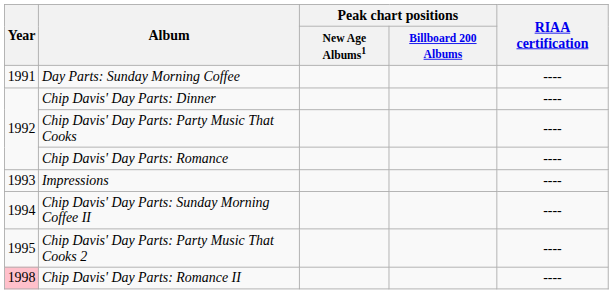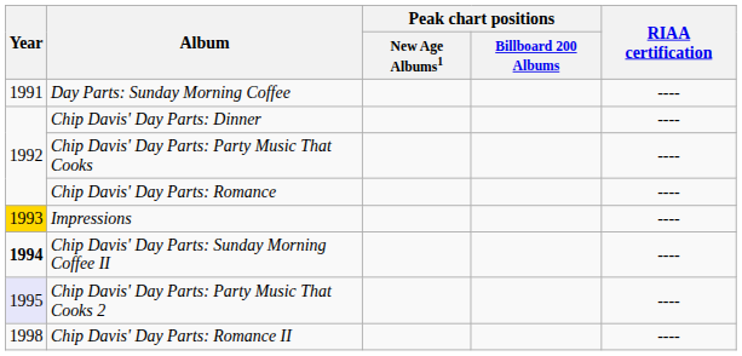 <table class="wikitable"  style="width:55%; text-align:center;">
 <tr>
 <th rowspan="2">Year</th>
 <th rowspan="2">Album</th>
 <th colspan="2">Peak chart positions</th>
 <th rowspan="2"><strong><a href='#'>RIAA certification</a></strong></th>
 </tr>
 <tr>
 <th><small>New Age Albums<sup>1</sup></small></th>
 <th><small><a href='#'>Billboard 200 Albums</a></small></th>
 </tr>
 <tr style="text-align:center;">
 <td>1991</td>
 <td align="left"><em>Day Parts: Sunday Morning Coffee</em></td>
 <td></td>
 <td></td>
 <td>----</td>
 </tr>
 <tr style="text-align:center;">
 <td rowspan="3">1992</td>
 <td align="left"><em>Chip Davis' Day Parts: Dinner</em></td>
 <td></td>
 <td></td>
 <td>----</td>
 </tr>
 <tr style="text-align:center;">
 <td align="left"><em>Chip Davis' Day Parts: Party Music That Cooks</em></td>
 <td></td>
 <td></td>
 <td>----</td>
 </tr>
 <tr style="text-align:center;">
 <td align="left"><em>Chip Davis' Day Parts: Romance</em></td>
 <td></td>
 <td></td>
 <td>----</td>
 </tr>
 <tr style="text-align:center;">
-<td>1993</td>
+<td style="background: gold;">1993</td>
 <td align="left"><em>Impressions</em></td>
 <td></td>
 <td></td>
 <td>----</td>
 </tr>
 <tr style="text-align:center;">
-<td>1994</td>
+<td><strong>1994</strong></td>
 <td align="left"><em>Chip Davis' Day Parts: Sunday Morning Coffee II</em></td>
 <td></td>
 <td></td>
 <td>----</td>
 </tr>
 <tr style="text-align:center;">
-<td>1995</td>
+<td style="background: lavender;">1995</td>
 <td align="left"><em>Chip Davis' Day Parts: Party Music That Cooks 2</em></td>
 <td></td>
 <td></td>
 <td>----</td>
 </tr>
 <tr style="text-align:center;">
-<td style="background: pink;">1998</td>
+<td>1998</td>
 <td align="left"><em>Chip Davis' Day Parts:  Romance II</em></td>
 <td></td>
 <td></td>
 <td>----</td>
 </tr>
 </table>
